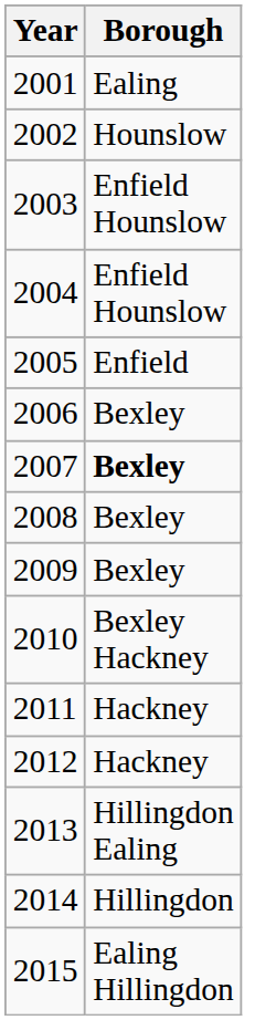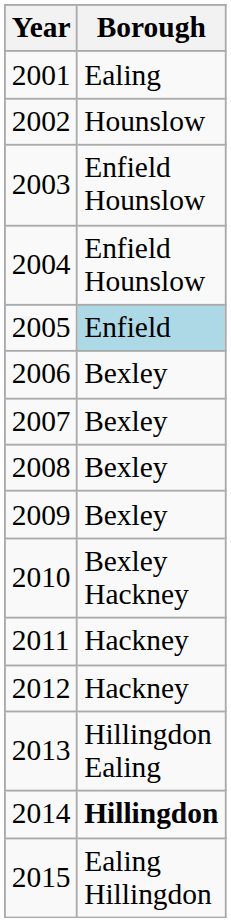 <table class="wikitable">
 <tr>
 <th>Year</th>
 <th>Borough</th>
 </tr>
 <tr>
 <td>2001</td>
 <td>Ealing</td>
 </tr>
 <tr>
 <td>2002</td>
 <td>Hounslow</td>
 </tr>
 <tr>
 <td>2003</td>
 <td>Enfield<br>Hounslow</td>
 </tr>
 <tr>
 <td>2004</td>
 <td>Enfield<br>Hounslow</td>
 </tr>
 <tr>
 <td>2005</td>
-<td>Enfield</td>
+<td style="background: lightblue;">Enfield</td>
 </tr>
 <tr>
 <td>2006</td>
 <td>Bexley</td>
 </tr>
 <tr>
 <td>2007</td>
-<td><strong>Bexley</strong></td>
+<td>Bexley</td>
 </tr>
 <tr>
 <td>2008</td>
 <td>Bexley</td>
 </tr>
 <tr>
 <td>2009</td>
 <td>Bexley</td>
 </tr>
 <tr>
 <td>2010</td>
 <td>Bexley<br>Hackney</td>
 </tr>
 <tr>
 <td>2011</td>
 <td>Hackney</td>
 </tr>
 <tr>
 <td>2012</td>
 <td>Hackney</td>
 </tr>
 <tr>
 <td>2013</td>
 <td>Hillingdon<br>Ealing</td>
 </tr>
 <tr>
 <td>2014</td>
-<td>Hillingdon</td>
+<td><strong>Hillingdon</strong></td>
 </tr>
 <tr>
 <td>2015</td>
 <td>Ealing<br>Hillingdon</td>
 </tr>
 </table>
